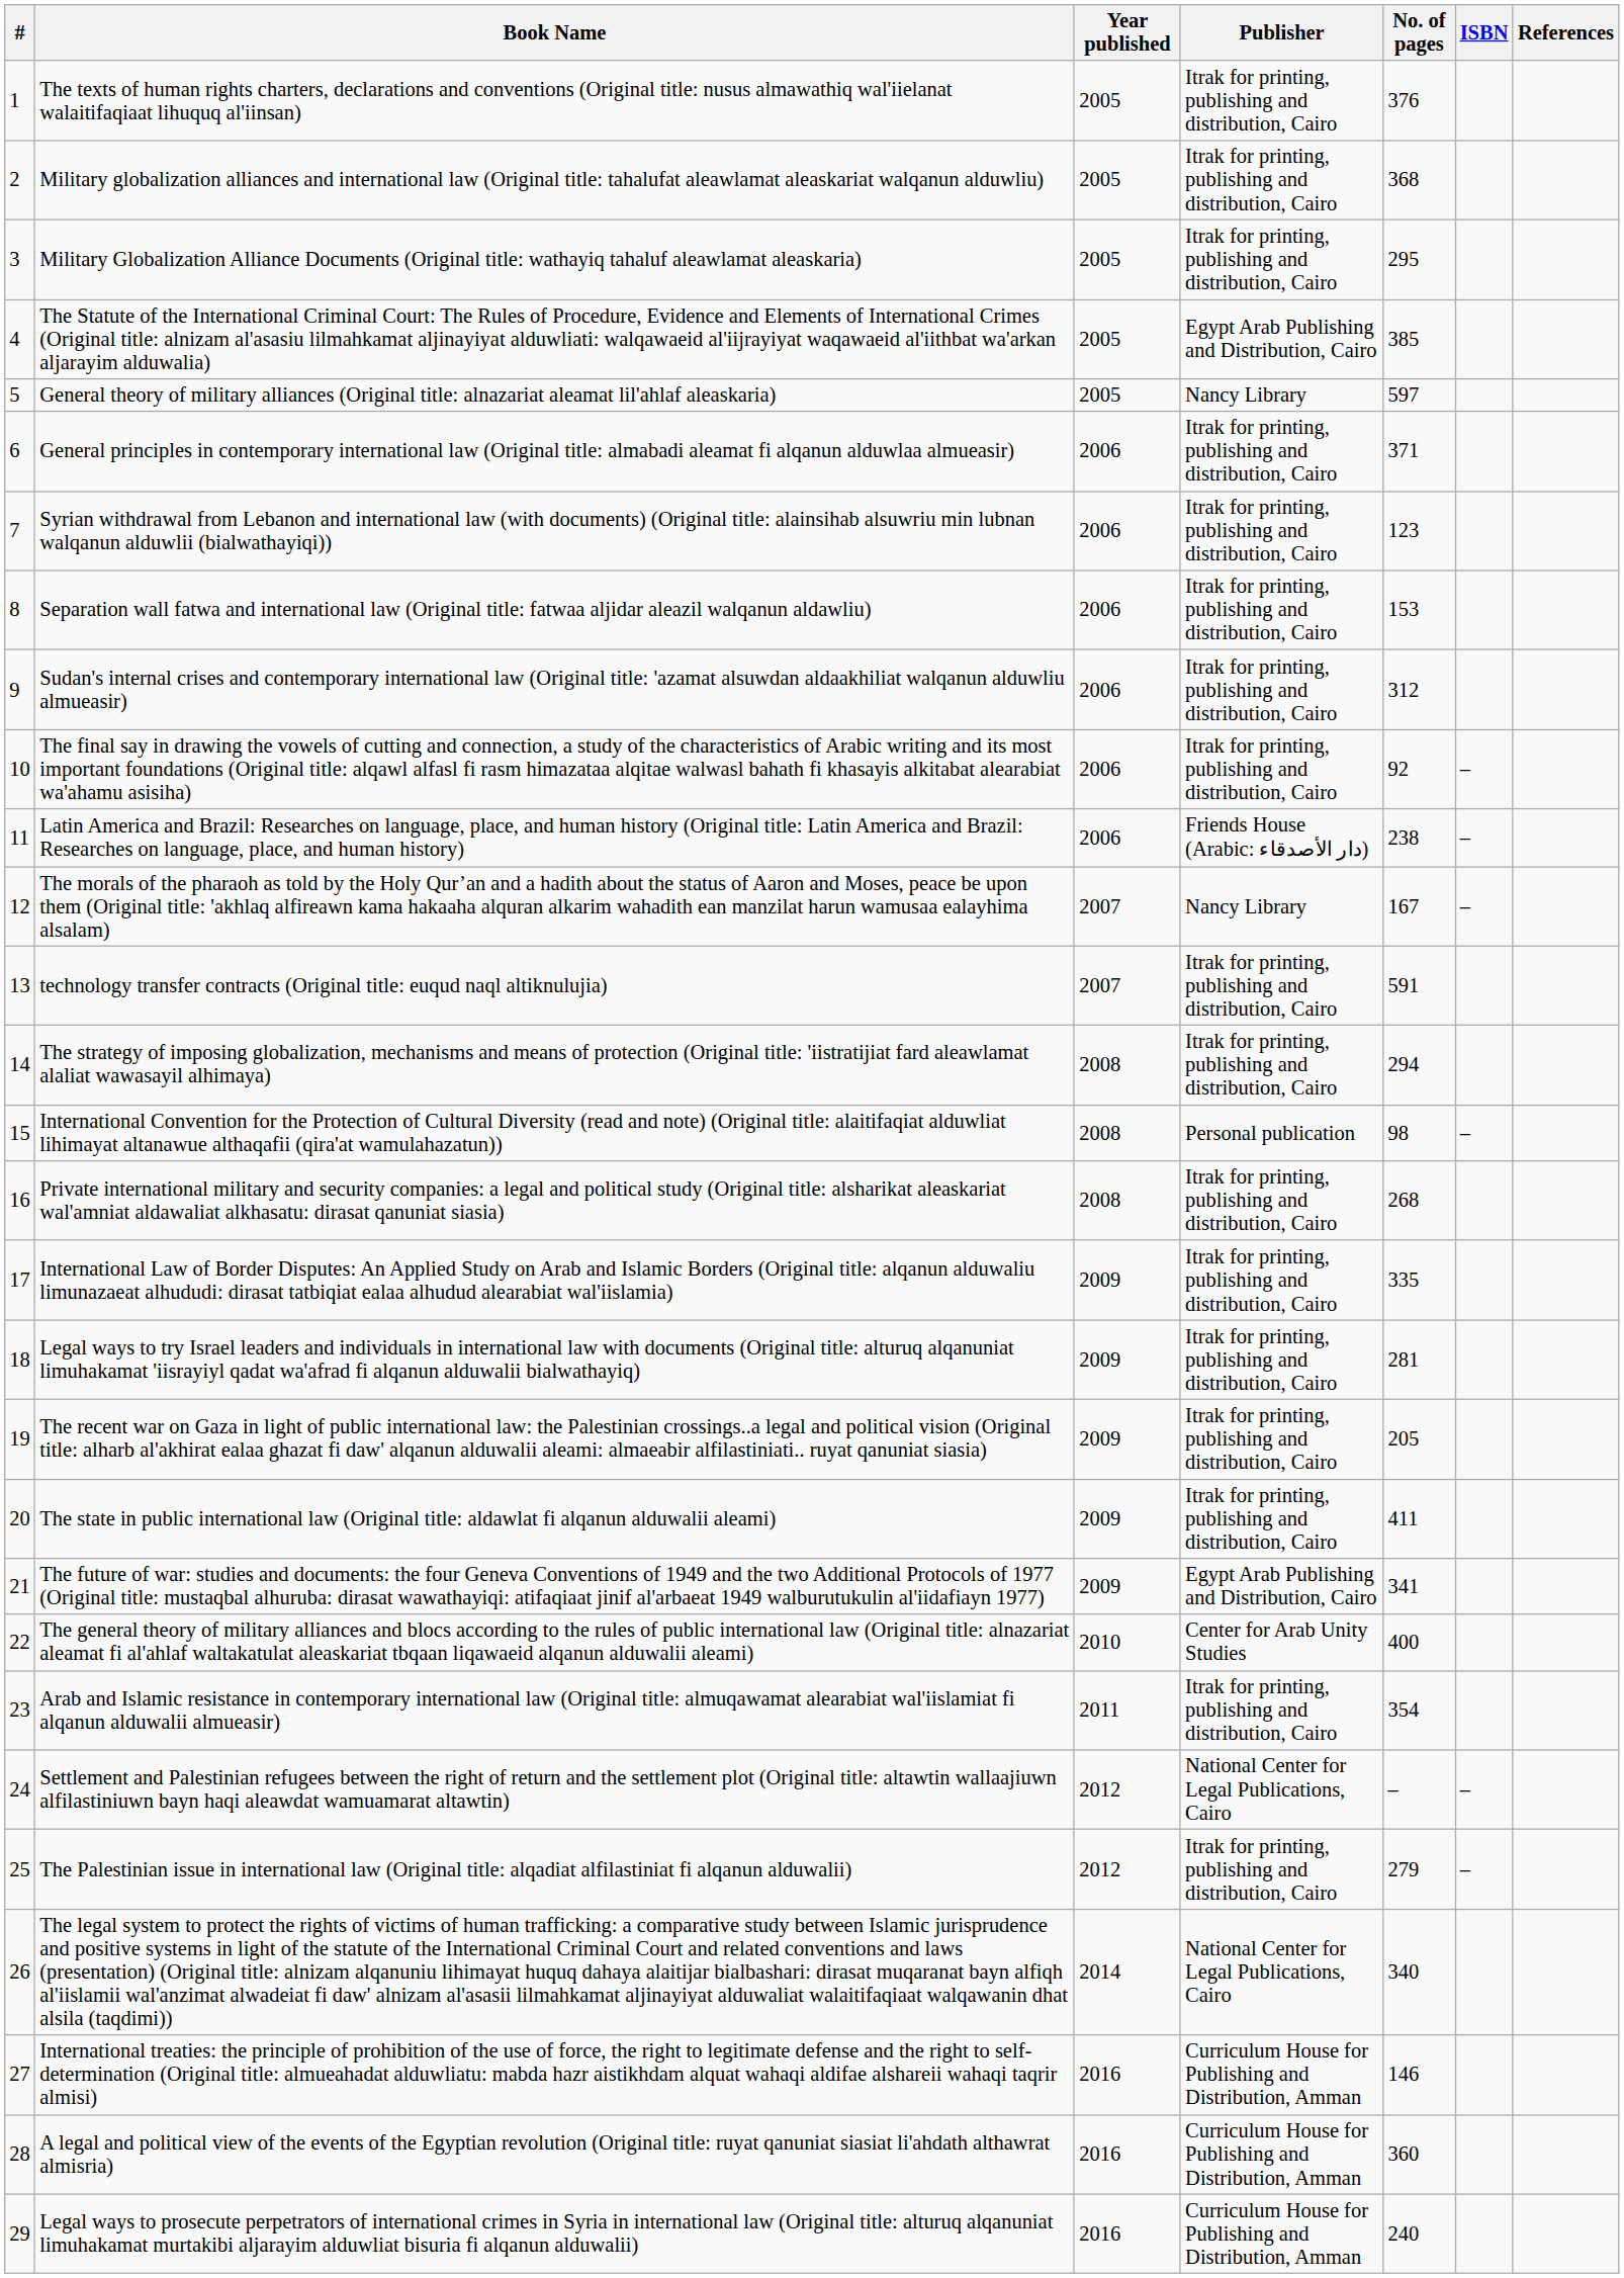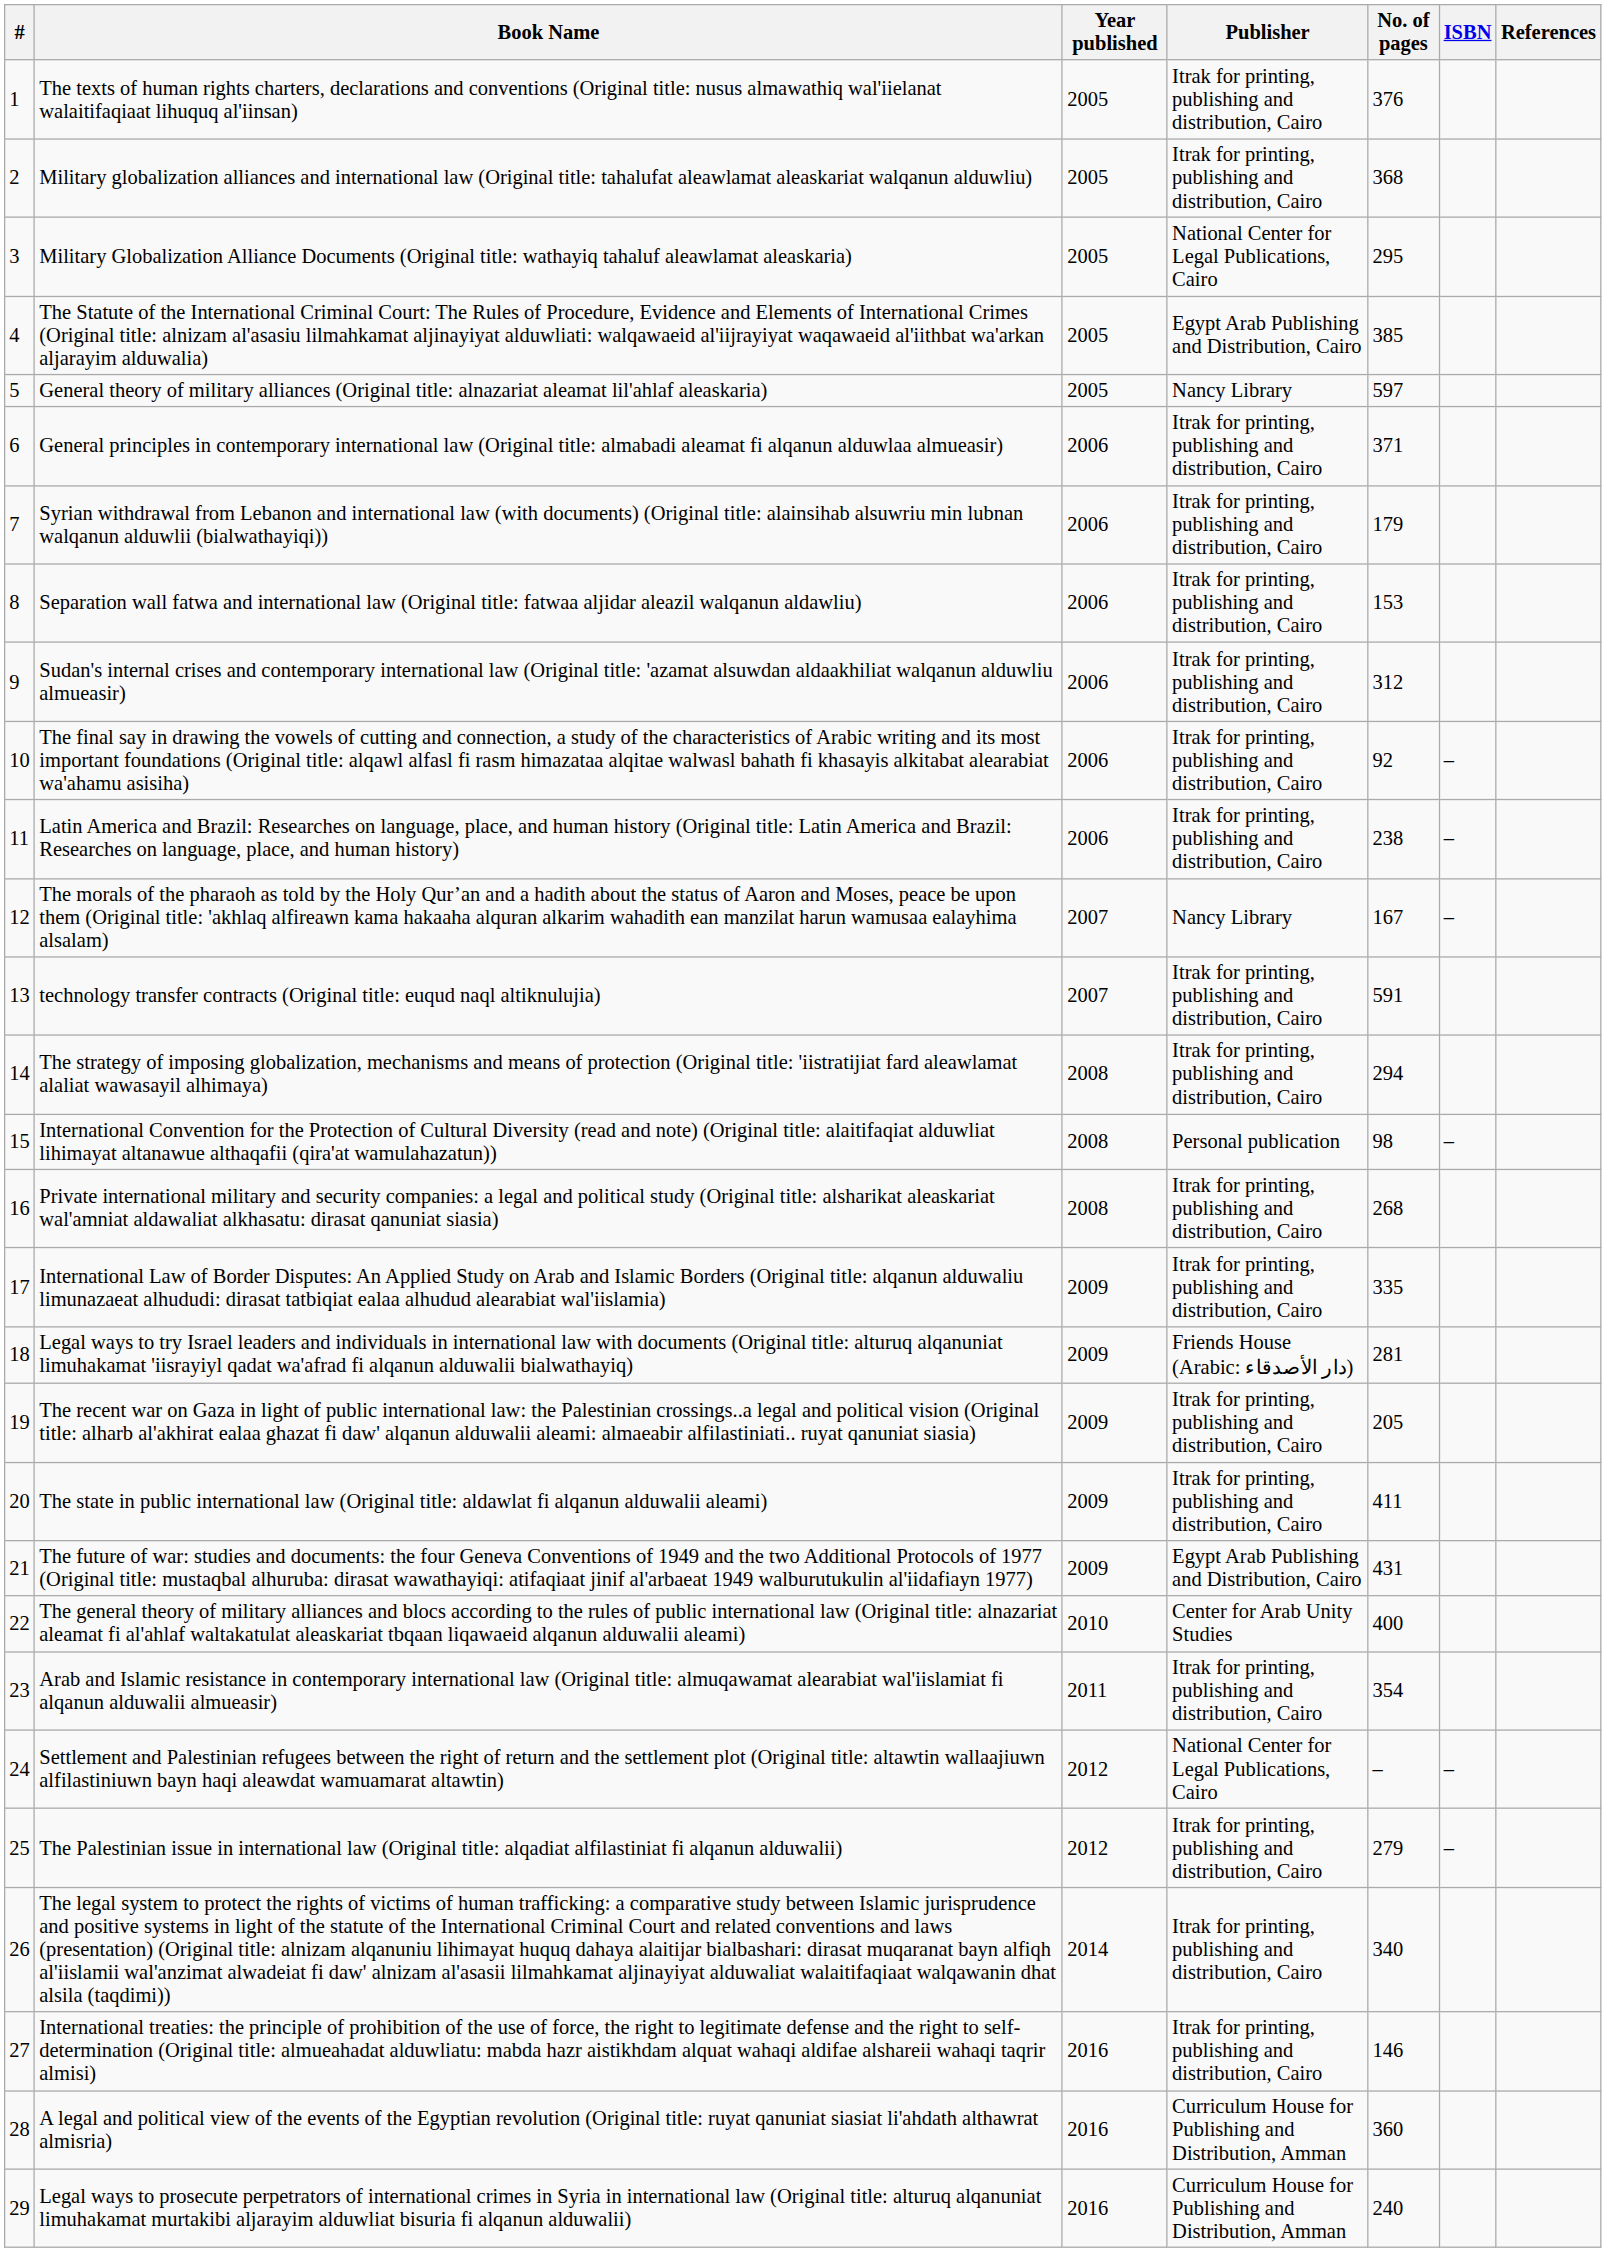 <table class="wikitable">
 <tr>
 <th>#</th>
 <th>Book Name</th>
 <th>Year published</th>
 <th>Publisher</th>
 <th>No. of pages</th>
 <th><a href='#'>ISBN</a></th>
 <th>References</th>
 </tr>
 <tr>
 <td>1</td>
 <td>The texts of human rights charters, declarations and conventions (Original title: nusus almawathiq wal'iielanat walaitifaqiaat lihuquq al'iinsan)</td>
 <td>2005</td>
 <td>Itrak for printing, publishing and distribution, Cairo</td>
 <td>376</td>
 <td></td>
 <td></td>
 </tr>
 <tr>
 <td>2</td>
 <td>Military globalization alliances and international law (Original title: tahalufat aleawlamat aleaskariat walqanun alduwliu)</td>
 <td>2005</td>
 <td>Itrak for printing, publishing and distribution, Cairo</td>
 <td>368</td>
 <td></td>
 <td></td>
 </tr>
 <tr>
 <td>3</td>
 <td>Military Globalization Alliance Documents (Original title: wathayiq tahaluf aleawlamat aleaskaria)</td>
 <td>2005</td>
-<td>Itrak for printing, publishing and distribution, Cairo</td>
+<td>National Center for Legal Publications, Cairo</td>
 <td>295</td>
 <td></td>
 <td></td>
 </tr>
 <tr>
 <td>4</td>
 <td>The Statute of the International Criminal Court: The Rules of Procedure, Evidence and Elements of International Crimes (Original title: alnizam al'asasiu lilmahkamat aljinayiyat alduwliati: walqawaeid al'iijrayiyat waqawaeid al'iithbat wa'arkan aljarayim alduwalia)</td>
 <td>2005</td>
 <td>Egypt Arab Publishing and Distribution, Cairo</td>
 <td>385</td>
 <td></td>
 <td></td>
 </tr>
 <tr>
 <td>5</td>
 <td>General theory of military alliances (Original title: alnazariat aleamat lil'ahlaf aleaskaria)</td>
 <td>2005</td>
 <td>Nancy Library</td>
 <td>597</td>
 <td></td>
 <td></td>
 </tr>
 <tr>
 <td>6</td>
 <td>General principles in contemporary international law (Original title: almabadi aleamat fi alqanun alduwlaa almueasir)</td>
 <td>2006</td>
 <td>Itrak for printing, publishing and distribution, Cairo</td>
 <td>371</td>
 <td></td>
 <td></td>
 </tr>
 <tr>
 <td>7</td>
 <td>Syrian withdrawal from Lebanon and international law (with documents) (Original title: alainsihab alsuwriu min lubnan walqanun alduwlii (bialwathayiqi))</td>
 <td>2006</td>
 <td>Itrak for printing, publishing and distribution, Cairo</td>
-<td>123</td>
+<td>179</td>
 <td></td>
 <td></td>
 </tr>
 <tr>
 <td>8</td>
 <td>Separation wall fatwa and international law (Original title: fatwaa aljidar aleazil walqanun aldawliu)</td>
 <td>2006</td>
 <td>Itrak for printing, publishing and distribution, Cairo</td>
 <td>153</td>
 <td></td>
 <td></td>
 </tr>
 <tr>
 <td>9</td>
 <td>Sudan's internal crises and contemporary international law (Original title: 'azamat alsuwdan aldaakhiliat walqanun alduwliu almueasir)</td>
 <td>2006</td>
 <td>Itrak for printing, publishing and distribution, Cairo</td>
 <td>312</td>
 <td></td>
 <td></td>
 </tr>
 <tr>
 <td>10</td>
 <td>The final say in drawing the vowels of cutting and connection, a study of the characteristics of Arabic writing and its most important foundations (Original title: alqawl alfasl fi rasm himazataa alqitae walwasl bahath fi khasayis alkitabat alearabiat wa'ahamu asisiha)</td>
 <td>2006</td>
 <td>Itrak for printing, publishing and distribution, Cairo</td>
 <td>92</td>
 <td>–</td>
 <td></td>
 </tr>
 <tr>
 <td>11</td>
 <td>Latin America and Brazil: Researches on language, place, and human history (Original title: Latin America and Brazil: Researches on language, place, and human history)</td>
 <td>2006</td>
-<td>Friends House (Arabic: دار الأصدقاء)</td>
+<td>Itrak for printing, publishing and distribution, Cairo</td>
 <td>238</td>
 <td>–</td>
 <td></td>
 </tr>
 <tr>
 <td>12</td>
 <td>The morals of the pharaoh as told by the Holy Qur’an and a hadith about the status of Aaron and Moses, peace be upon them (Original title: 'akhlaq alfireawn kama hakaaha alquran alkarim wahadith ean manzilat harun wamusaa ealayhima alsalam)</td>
 <td>2007</td>
 <td>Nancy Library</td>
 <td>167</td>
 <td>–</td>
 <td></td>
 </tr>
 <tr>
 <td>13</td>
 <td>technology transfer contracts (Original title: euqud naql altiknulujia)</td>
 <td>2007</td>
 <td>Itrak for printing, publishing and distribution, Cairo</td>
 <td>591</td>
 <td></td>
 <td></td>
 </tr>
 <tr>
 <td>14</td>
 <td>The strategy of imposing globalization, mechanisms and means of protection (Original title: 'iistratijiat fard aleawlamat alaliat wawasayil alhimaya)</td>
 <td>2008</td>
 <td>Itrak for printing, publishing and distribution, Cairo</td>
 <td>294</td>
 <td></td>
 <td></td>
 </tr>
 <tr>
 <td>15</td>
 <td>International Convention for the Protection of Cultural Diversity (read and note) (Original title: alaitifaqiat alduwliat lihimayat altanawue althaqafii (qira'at wamulahazatun))</td>
 <td>2008</td>
 <td>Personal publication</td>
 <td>98</td>
 <td>–</td>
 <td></td>
 </tr>
 <tr>
 <td>16</td>
 <td>Private international military and security companies: a legal and political study (Original title: alsharikat aleaskariat wal'amniat aldawaliat alkhasatu: dirasat qanuniat siasia)</td>
 <td>2008</td>
 <td>Itrak for printing, publishing and distribution, Cairo</td>
 <td>268</td>
 <td></td>
 <td></td>
 </tr>
 <tr>
 <td>17</td>
 <td>International Law of Border Disputes: An Applied Study on Arab and Islamic Borders (Original title: alqanun alduwaliu limunazaeat alhududi: dirasat tatbiqiat ealaa alhudud alearabiat wal'iislamia)</td>
 <td>2009</td>
 <td>Itrak for printing, publishing and distribution, Cairo</td>
 <td>335</td>
 <td></td>
 <td></td>
 </tr>
 <tr>
 <td>18</td>
 <td>Legal ways to try Israel leaders and individuals in international law with documents (Original title: alturuq alqanuniat limuhakamat 'iisrayiyl qadat wa'afrad fi alqanun alduwalii bialwathayiq)</td>
 <td>2009</td>
-<td>Itrak for printing, publishing and distribution, Cairo</td>
+<td>Friends House (Arabic: دار الأصدقاء)</td>
 <td>281</td>
 <td></td>
 <td></td>
 </tr>
 <tr>
 <td>19</td>
 <td>The recent war on Gaza in light of public international law: the Palestinian crossings..a legal and political vision (Original title: alharb al'akhirat ealaa ghazat fi daw' alqanun alduwalii aleami: almaeabir alfilastiniati.. ruyat qanuniat siasia)</td>
 <td>2009</td>
 <td>Itrak for printing, publishing and distribution, Cairo</td>
 <td>205</td>
 <td></td>
 <td></td>
 </tr>
 <tr>
 <td>20</td>
 <td>The state in public international law (Original title: aldawlat fi alqanun alduwalii aleami)</td>
 <td>2009</td>
 <td>Itrak for printing, publishing and distribution, Cairo</td>
 <td>411</td>
 <td></td>
 <td></td>
 </tr>
 <tr>
 <td>21</td>
 <td>The future of war: studies and documents: the four Geneva Conventions of 1949 and the two Additional Protocols of 1977 (Original title: mustaqbal alhuruba: dirasat wawathayiqi: atifaqiaat jinif al'arbaeat 1949 walburutukulin al'iidafiayn 1977)</td>
 <td>2009</td>
 <td>Egypt Arab Publishing and Distribution, Cairo</td>
-<td>341</td>
+<td>431</td>
 <td></td>
 <td></td>
 </tr>
 <tr>
 <td>22</td>
 <td>The general theory of military alliances and blocs according to the rules of public international law (Original title: alnazariat aleamat fi al'ahlaf waltakatulat aleaskariat tbqaan liqawaeid alqanun alduwalii aleami)</td>
 <td>2010</td>
 <td>Center for Arab Unity Studies</td>
 <td>400</td>
 <td></td>
 <td></td>
 </tr>
 <tr>
 <td>23</td>
 <td>Arab and Islamic resistance in contemporary international law (Original title: almuqawamat alearabiat wal'iislamiat fi alqanun alduwalii almueasir)</td>
 <td>2011</td>
 <td>Itrak for printing, publishing and distribution, Cairo</td>
 <td>354</td>
 <td></td>
 <td></td>
 </tr>
 <tr>
 <td>24</td>
 <td>Settlement and Palestinian refugees between the right of return and the settlement plot (Original title: altawtin wallaajiuwn alfilastiniuwn bayn haqi aleawdat wamuamarat altawtin)</td>
 <td>2012</td>
 <td>National Center for Legal Publications, Cairo</td>
 <td>–</td>
 <td>–</td>
 <td></td>
 </tr>
 <tr>
 <td>25</td>
 <td>The Palestinian issue in international law (Original title: alqadiat alfilastiniat fi alqanun alduwalii)</td>
 <td>2012</td>
 <td>Itrak for printing, publishing and distribution, Cairo</td>
 <td>279</td>
 <td>–</td>
 <td></td>
 </tr>
 <tr>
 <td>26</td>
 <td>The legal system to protect the rights of victims of human trafficking: a comparative study between Islamic jurisprudence and positive systems in light of the statute of the International Criminal Court and related conventions and laws (presentation) (Original title: alnizam alqanuniu lihimayat huquq dahaya alaitijar bialbashari: dirasat muqaranat bayn alfiqh al'iislamii wal'anzimat alwadeiat fi daw' alnizam al'asasii lilmahkamat aljinayiyat alduwaliat walaitifaqiaat walqawanin dhat alsila (taqdimi))</td>
 <td>2014</td>
-<td>National Center for Legal Publications, Cairo</td>
+<td>Itrak for printing, publishing and distribution, Cairo</td>
 <td>340</td>
 <td></td>
 <td></td>
 </tr>
 <tr>
 <td>27</td>
 <td>International treaties: the principle of prohibition of the use of force, the right to legitimate defense and the right to self-determination (Original title: almueahadat alduwliatu: mabda hazr aistikhdam alquat wahaqi aldifae alshareii wahaqi taqrir almisi)</td>
 <td>2016</td>
-<td>Curriculum House for Publishing and Distribution, Amman</td>
+<td>Itrak for printing, publishing and distribution, Cairo</td>
 <td>146</td>
 <td></td>
 <td></td>
 </tr>
 <tr>
 <td>28</td>
 <td>A legal and political view of the events of the Egyptian revolution (Original title: ruyat qanuniat siasiat li'ahdath althawrat almisria)</td>
 <td>2016</td>
 <td>Curriculum House for Publishing and Distribution, Amman</td>
 <td>360</td>
 <td></td>
 <td></td>
 </tr>
 <tr>
 <td>29</td>
 <td>Legal ways to prosecute perpetrators of international crimes in Syria in international law (Original title: alturuq alqanuniat limuhakamat murtakibi aljarayim alduwliat bisuria fi alqanun alduwalii)</td>
 <td>2016</td>
 <td>Curriculum House for Publishing and Distribution, Amman</td>
 <td>240</td>
 <td></td>
 <td></td>
 </tr>
 </table>
